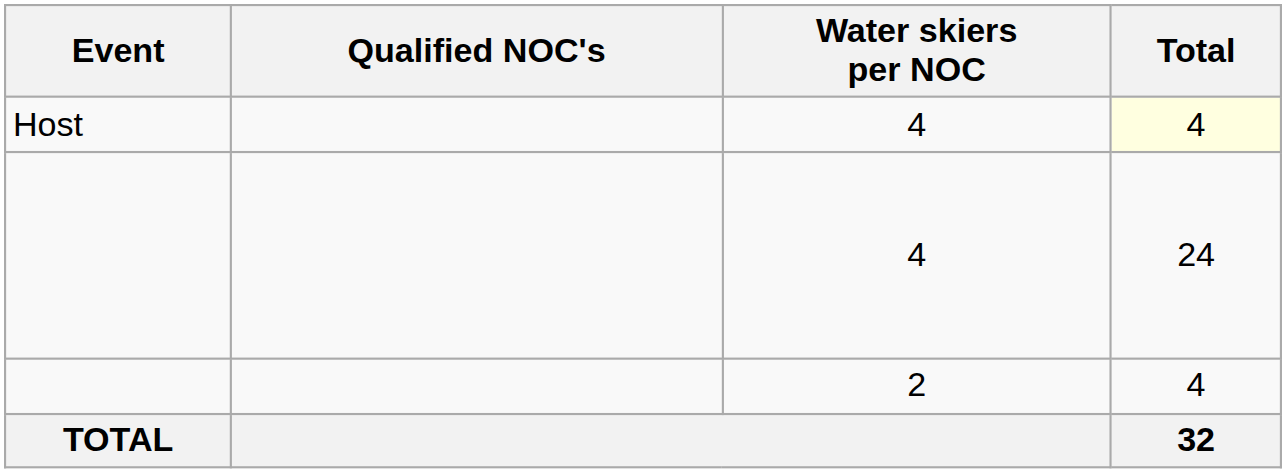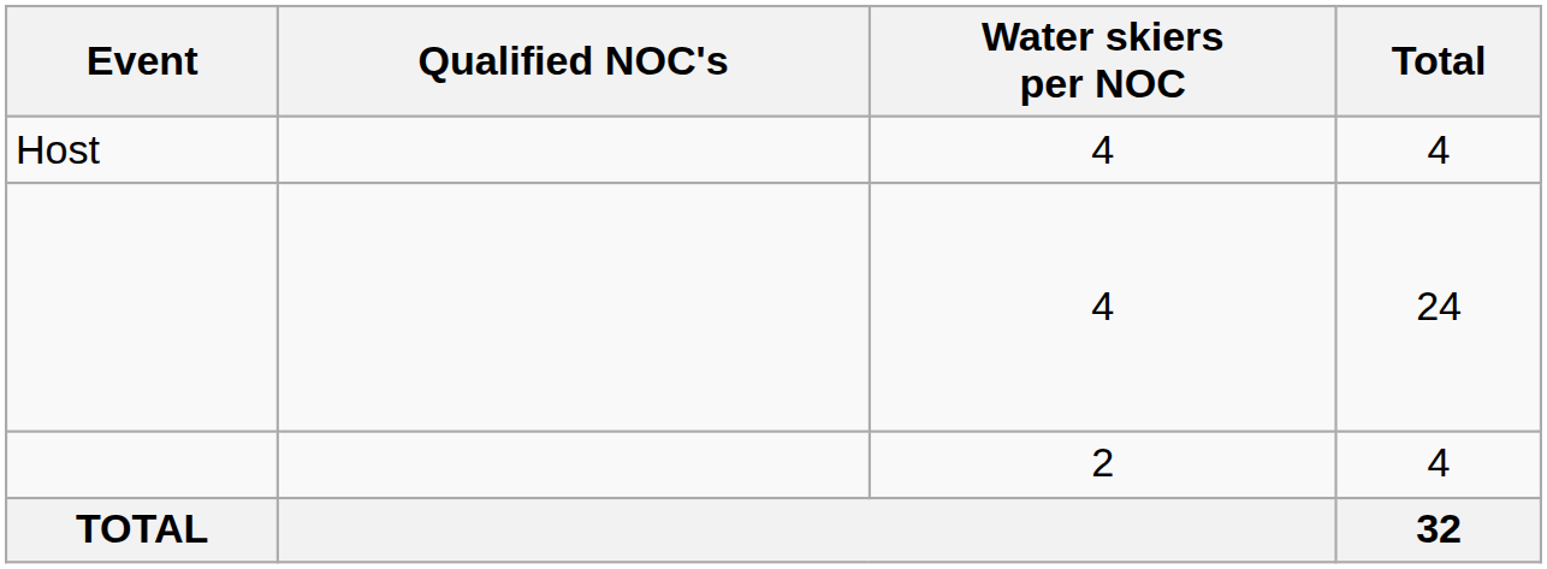 <table class="wikitable" width=600>
 <tr>
 <th>Event</th>
 <th>Qualified NOC's</th>
 <th>Water skiers<br> per NOC</th>
 <th>Total</th>
 </tr>
 <tr>
 <td>Host</td>
 <td></td>
 <td align="center">4</td>
-<td align="center" style="background: lightyellow;">4</td>
+<td align="center">4</td>
 </tr>
 <tr>
 <td></td>
 <td><br><br><br><br><br></td>
 <td align="center">4</td>
 <td align="center">24</td>
 </tr>
 <tr>
 <td></td>
 <td><br></td>
 <td align="center">2</td>
 <td align="center">4</td>
 </tr>
 <tr>
 <th>TOTAL</th>
 <th colspan="2"></th>
 <th>32</th>
 </tr>
 </table>
